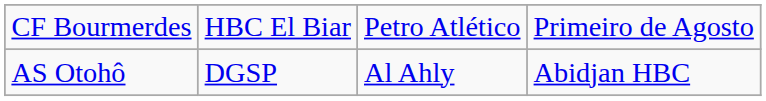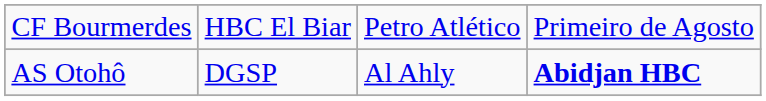 <table class="wikitable">
 <tr>
 <td> <a href='#'>CF Bourmerdes</a></td>
 <td> <a href='#'>HBC El Biar</a></td>
 <td> <a href='#'>Petro Atlético</a></td>
 <td> <a href='#'>Primeiro de Agosto</a></td>
 </tr>
 <tr>
 <td> <a href='#'>AS Otohô</a></td>
 <td> <a href='#'>DGSP</a></td>
 <td> <a href='#'>Al Ahly</a></td>
-<td> <a href='#'>Abidjan HBC</a></td>
+<td><strong> <a href='#'>Abidjan HBC</a></strong></td>
 </tr>
 </table>
